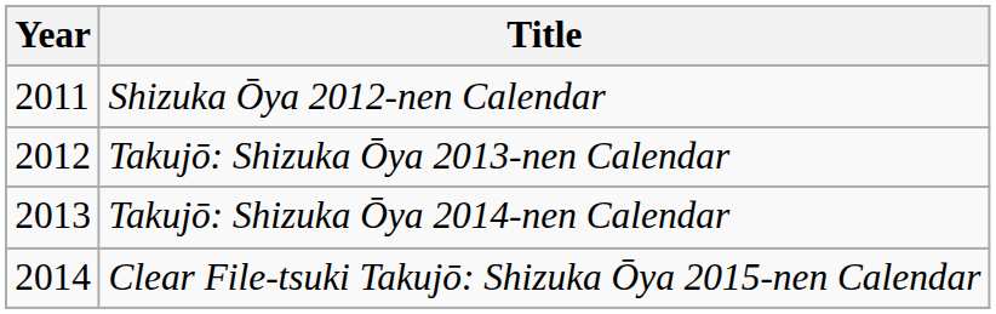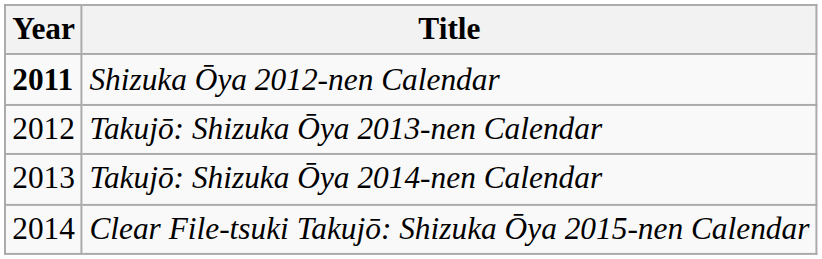 <table class="wikitable">
 <tr>
 <th>Year</th>
 <th>Title</th>
 </tr>
 <tr>
-<td>2011</td>
+<td><strong>2011</strong></td>
 <td><em>Shizuka Ōya 2012-nen Calendar</em></td>
 </tr>
 <tr>
 <td>2012</td>
 <td><em>Takujō: Shizuka Ōya 2013-nen Calendar</em></td>
 </tr>
 <tr>
 <td>2013</td>
 <td><em>Takujō: Shizuka Ōya 2014-nen Calendar</em></td>
 </tr>
 <tr>
 <td>2014</td>
 <td><em>Clear File-tsuki Takujō: Shizuka Ōya 2015-nen Calendar</em></td>
 </tr>
 </table>
